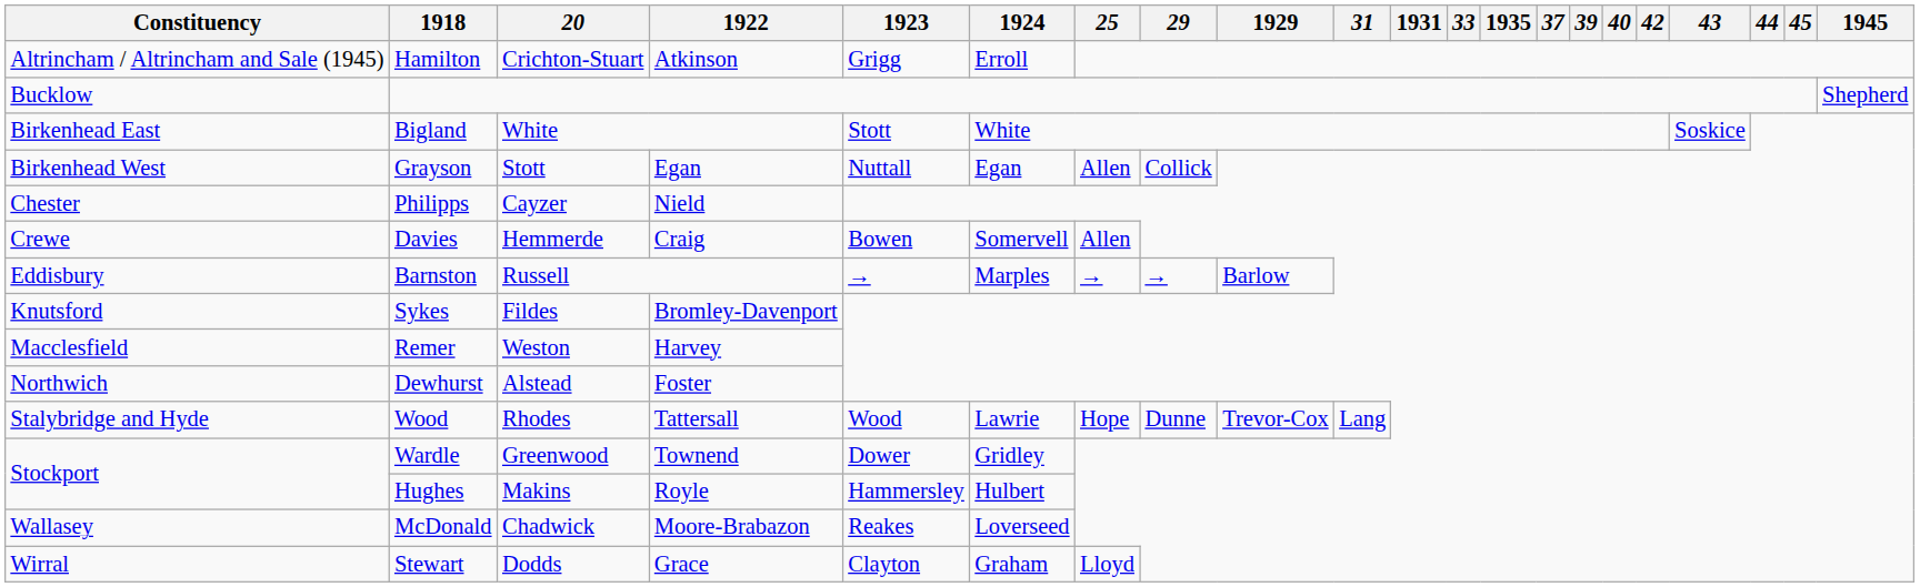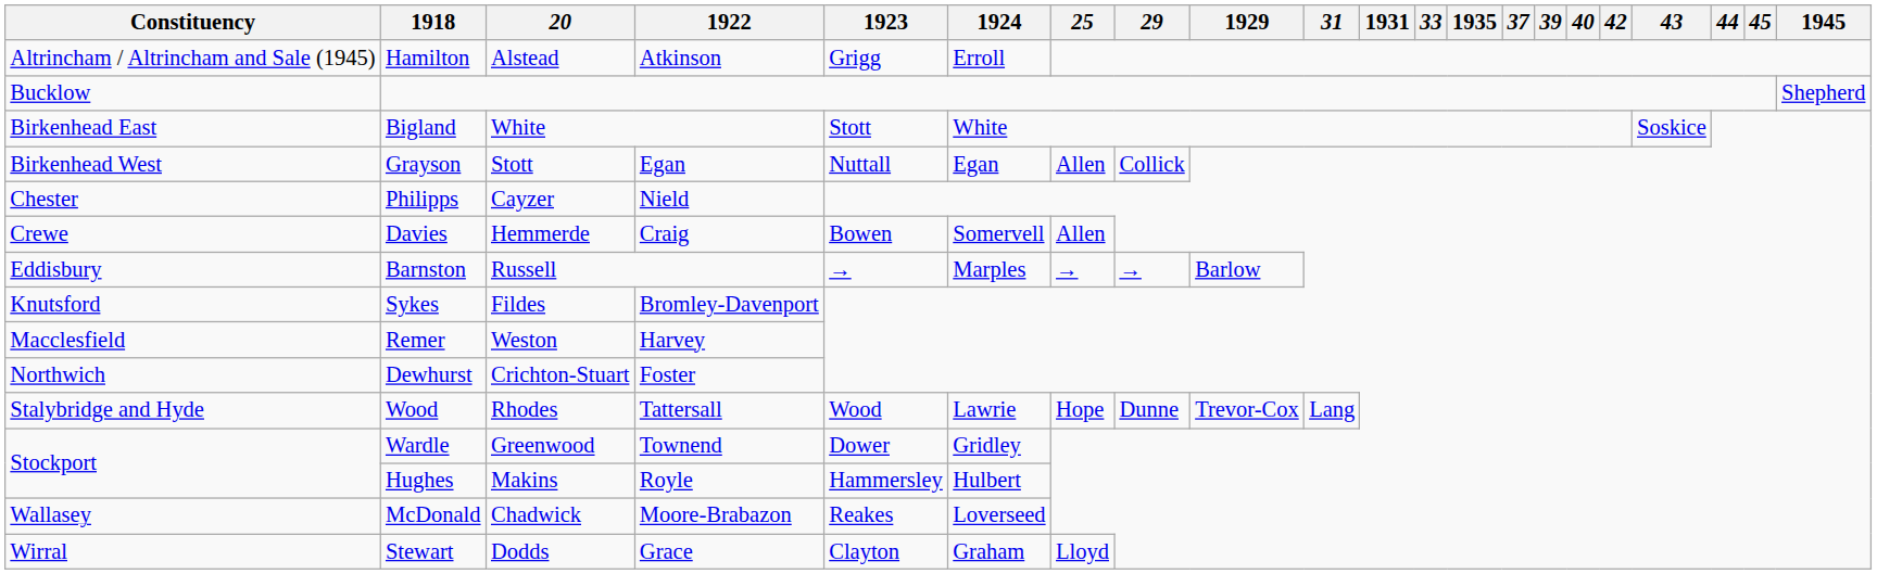 <table class="wikitable">
 <tr>
 <th>Constituency</th>
 <th>1918</th>
 <th><em>20</em></th>
 <th>1922</th>
 <th>1923</th>
 <th>1924</th>
 <th><em>25</em></th>
 <th><em>29</em></th>
 <th>1929</th>
 <th><em>31</em></th>
 <th>1931</th>
 <th><em>33</em></th>
 <th>1935</th>
 <th><em>37</em></th>
 <th><em>39</em></th>
 <th><em>40</em></th>
 <th><em>42</em></th>
 <th><em>43</em></th>
 <th><em>44</em></th>
 <th><em>45</em></th>
 <th>1945</th>
 </tr>
 <tr>
 <td><a href='#'>Altrincham</a> / <a href='#'>Altrincham and Sale</a> (1945)</td>
 <td><a href='#'>Hamilton</a></td>
-<td><a href='#'>Crichton-Stuart</a></td>
+<td><a href='#'>Alstead</a></td>
 <td><a href='#'>Atkinson</a></td>
 <td><a href='#'>Grigg</a></td>
 <td><a href='#'>Erroll</a></td>
 </tr>
 <tr>
 <td><a href='#'>Bucklow</a></td>
 <td colspan="19"></td>
 <td><a href='#'>Shepherd</a></td>
 </tr>
 <tr>
 <td><a href='#'>Birkenhead East</a></td>
 <td><a href='#'>Bigland</a></td>
 <td colspan="2"><a href='#'>White</a></td>
 <td><a href='#'>Stott</a></td>
 <td colspan="12"><a href='#'>White</a></td>
 <td><a href='#'>Soskice</a></td>
 </tr>
 <tr>
 <td><a href='#'>Birkenhead West</a></td>
 <td><a href='#'>Grayson</a></td>
 <td><a href='#'>Stott</a></td>
 <td><a href='#'>Egan</a></td>
 <td><a href='#'>Nuttall</a></td>
 <td><a href='#'>Egan</a></td>
 <td><a href='#'>Allen</a></td>
 <td><a href='#'>Collick</a></td>
 </tr>
 <tr>
 <td><a href='#'>Chester</a></td>
 <td><a href='#'>Philipps</a></td>
 <td><a href='#'>Cayzer</a></td>
 <td><a href='#'>Nield</a></td>
 </tr>
 <tr>
 <td><a href='#'>Crewe</a></td>
 <td><a href='#'>Davies</a></td>
 <td><a href='#'>Hemmerde</a></td>
 <td><a href='#'>Craig</a></td>
 <td><a href='#'>Bowen</a></td>
 <td><a href='#'>Somervell</a></td>
 <td><a href='#'>Allen</a></td>
 </tr>
 <tr>
 <td><a href='#'>Eddisbury</a></td>
 <td><a href='#'>Barnston</a></td>
 <td colspan="2"><a href='#'>Russell</a></td>
 <td><a href='#'>→</a></td>
 <td><a href='#'>Marples</a></td>
 <td><a href='#'>→</a></td>
 <td><a href='#'>→</a></td>
 <td><a href='#'>Barlow</a></td>
 </tr>
 <tr>
 <td><a href='#'>Knutsford</a></td>
 <td><a href='#'>Sykes</a></td>
 <td><a href='#'>Fildes</a></td>
 <td><a href='#'>Bromley-Davenport</a></td>
 </tr>
 <tr>
 <td><a href='#'>Macclesfield</a></td>
 <td><a href='#'>Remer</a></td>
 <td><a href='#'>Weston</a></td>
 <td><a href='#'>Harvey</a></td>
 </tr>
 <tr>
 <td><a href='#'>Northwich</a></td>
 <td><a href='#'>Dewhurst</a></td>
-<td><a href='#'>Alstead</a></td>
+<td><a href='#'>Crichton-Stuart</a></td>
 <td><a href='#'>Foster</a></td>
 </tr>
 <tr>
 <td><a href='#'>Stalybridge and Hyde</a></td>
 <td><a href='#'>Wood</a></td>
 <td><a href='#'>Rhodes</a></td>
 <td><a href='#'>Tattersall</a></td>
 <td><a href='#'>Wood</a></td>
 <td><a href='#'>Lawrie</a></td>
 <td><a href='#'>Hope</a></td>
 <td><a href='#'>Dunne</a></td>
 <td><a href='#'>Trevor-Cox</a></td>
 <td><a href='#'>Lang</a></td>
 </tr>
 <tr>
 <td rowspan="2"><a href='#'>Stockport</a></td>
 <td><a href='#'>Wardle</a></td>
 <td><a href='#'>Greenwood</a></td>
 <td><a href='#'>Townend</a></td>
 <td><a href='#'>Dower</a></td>
 <td><a href='#'>Gridley</a></td>
 </tr>
 <tr>
 <td><a href='#'>Hughes</a></td>
 <td><a href='#'>Makins</a></td>
 <td><a href='#'>Royle</a></td>
 <td><a href='#'>Hammersley</a></td>
 <td><a href='#'>Hulbert</a></td>
 </tr>
 <tr>
 <td><a href='#'>Wallasey</a></td>
 <td><a href='#'>McDonald</a></td>
 <td><a href='#'>Chadwick</a></td>
 <td><a href='#'>Moore-Brabazon</a></td>
 <td><a href='#'>Reakes</a></td>
 <td><a href='#'>Loverseed</a></td>
 </tr>
 <tr>
 <td><a href='#'>Wirral</a></td>
 <td><a href='#'>Stewart</a></td>
 <td><a href='#'>Dodds</a></td>
 <td><a href='#'>Grace</a></td>
 <td><a href='#'>Clayton</a></td>
 <td><a href='#'>Graham</a></td>
 <td><a href='#'>Lloyd</a></td>
 </tr>
 </table>
